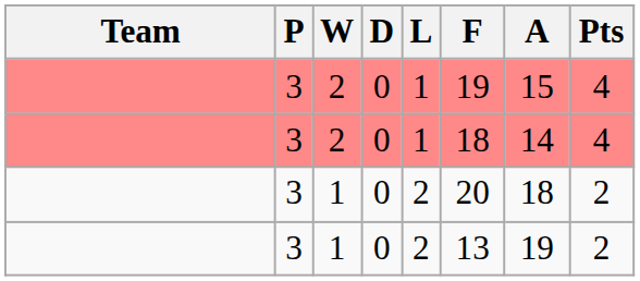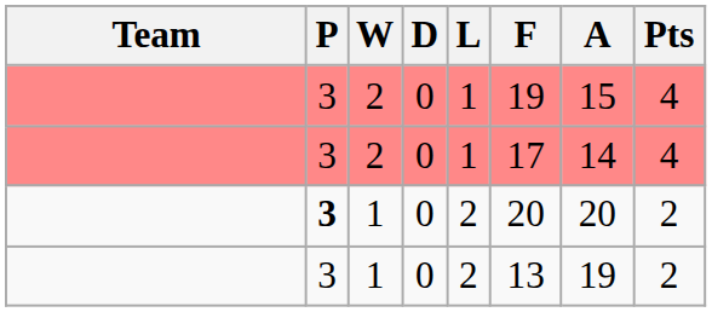 <table class="wikitable" style="text-align:center;">
 <tr>
 <th width="120px">Team</th>
 <th>P</th>
 <th>W</th>
 <th>D</th>
 <th>L</th>
 <th width="23px">F</th>
 <th width="23px">A</th>
 <th width="23px">Pts</th>
 </tr>
 <tr bgcolor="#FF8888">
 <td></td>
 <td>3</td>
 <td>2</td>
 <td>0</td>
 <td>1</td>
 <td>19</td>
 <td>15</td>
 <td>4</td>
 </tr>
 <tr bgcolor="#FF8888">
 <td></td>
 <td>3</td>
 <td>2</td>
 <td>0</td>
 <td>1</td>
-<td>18</td>
+<td>17</td>
 <td>14</td>
 <td>4</td>
 </tr>
 <tr>
 <td></td>
-<td>3</td>
+<td><strong>3</strong></td>
 <td>1</td>
 <td>0</td>
 <td>2</td>
 <td>20</td>
-<td>18</td>
+<td>20</td>
 <td>2</td>
 </tr>
 <tr>
 <td></td>
 <td>3</td>
 <td>1</td>
 <td>0</td>
 <td>2</td>
 <td>13</td>
 <td>19</td>
 <td>2</td>
 </tr>
 </table>
